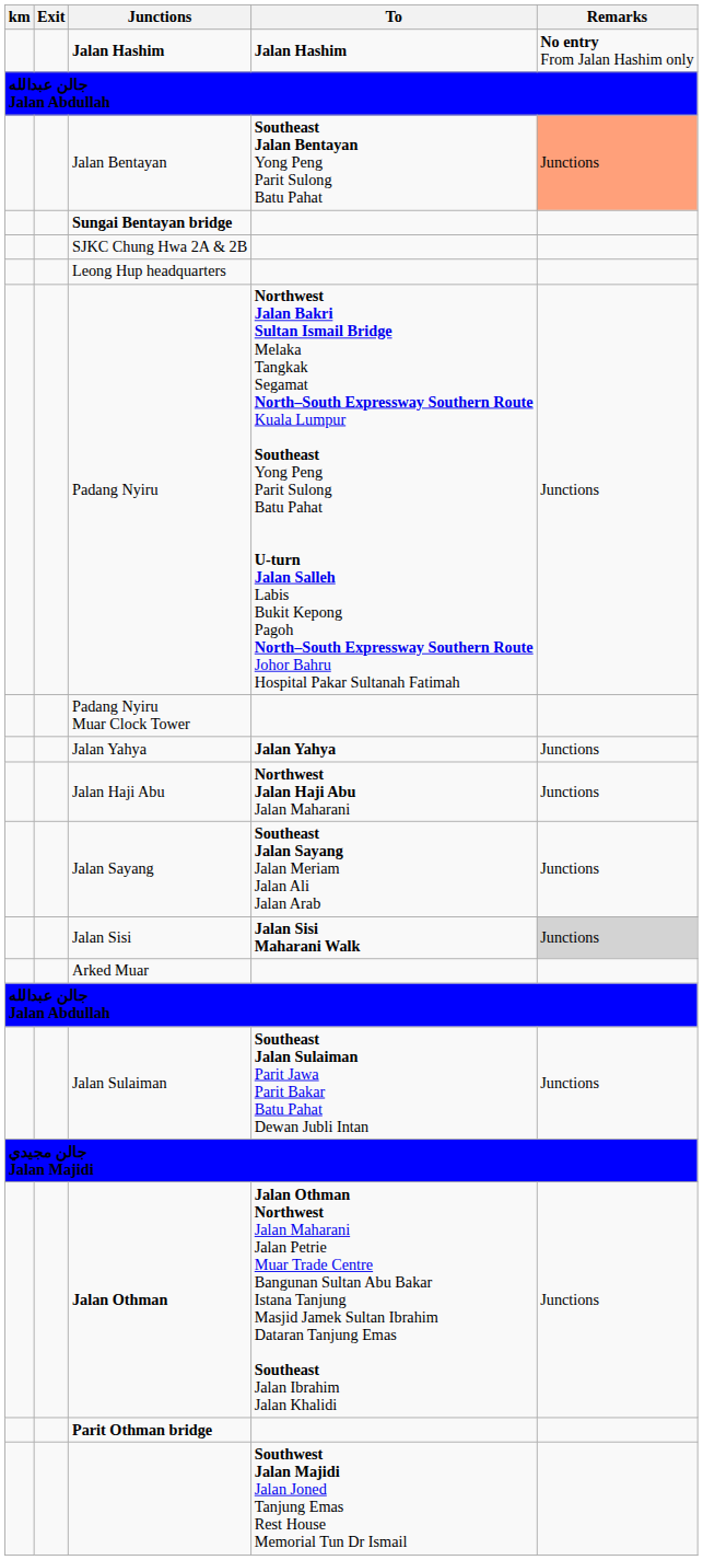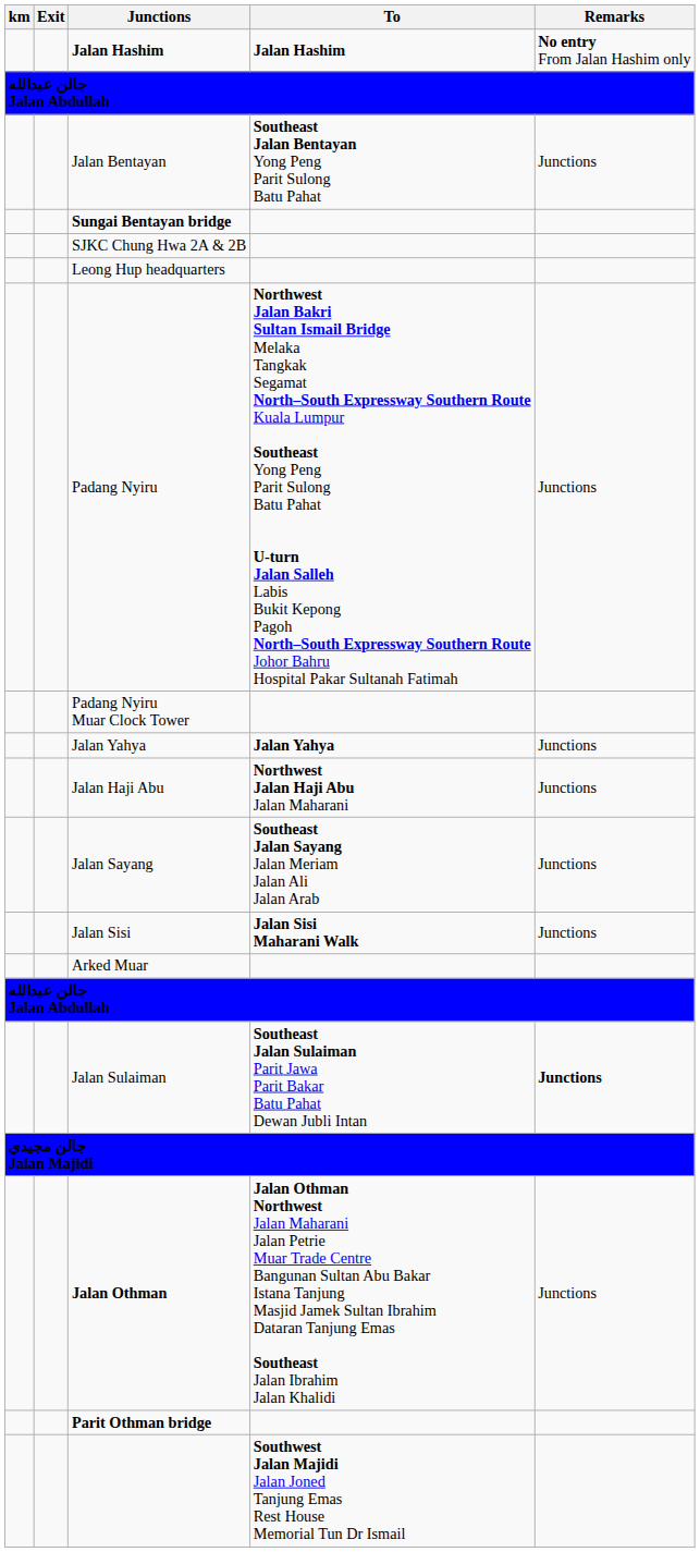 <table class="wikitable">
 <tr>
 <th>km</th>
 <th>Exit</th>
 <th>Junctions</th>
 <th>To</th>
 <th>Remarks</th>
 </tr>
 <tr>
 <td></td>
 <td></td>
 <td><strong>Jalan Hashim</strong></td>
 <td><strong>Jalan Hashim</strong></td>
 <td><strong>No entry</strong><br>From Jalan Hashim only</td>
 </tr>
 <tr>
 <td style="width:600px" colspan="6" style="text-align:center" bgcolor="blue"><strong><span>جالن عبدالله<br>Jalan Abdullah</span></strong></td>
 </tr>
 <tr>
 <td></td>
 <td></td>
 <td>Jalan Bentayan</td>
 <td><strong>Southeast</strong><br><strong>Jalan Bentayan</strong><br> Yong Peng<br> Parit Sulong<br> Batu Pahat</td>
-<td style="background: lightsalmon;">Junctions</td>
+<td>Junctions</td>
 </tr>
 <tr>
 <td></td>
 <td></td>
 <td><strong>Sungai Bentayan bridge</strong></td>
 <td></td>
 <td></td>
 </tr>
 <tr>
 <td></td>
 <td></td>
 <td>SJKC Chung Hwa 2A & 2B</td>
 <td></td>
 <td></td>
 </tr>
 <tr>
 <td></td>
 <td></td>
 <td>Leong Hup headquarters</td>
 <td></td>
 <td></td>
 </tr>
 <tr>
 <td></td>
 <td></td>
 <td>Padang Nyiru</td>
 <td><strong>Northwest</strong><br> <strong><a href='#'>Jalan Bakri</a></strong><br><strong><a href='#'>Sultan Ismail Bridge</a></strong><br> Melaka<br> Tangkak<br> Segamat<br>  <strong><a href='#'>North–South Expressway Southern Route</a></strong><br><a href='#'>Kuala Lumpur</a><br><br><strong>Southeast</strong><br> Yong Peng<br> Parit Sulong<br> Batu Pahat<br><br><br><strong>U-turn</strong><br> <strong><a href='#'>Jalan Salleh</a></strong><br> Labis<br> Bukit Kepong<br> Pagoh<br>  <strong><a href='#'>North–South Expressway Southern Route</a></strong><br><a href='#'>Johor Bahru</a><br>Hospital Pakar Sultanah Fatimah </td>
 <td>Junctions</td>
 </tr>
 <tr>
 <td></td>
 <td></td>
 <td>Padang Nyiru<br>Muar Clock Tower</td>
 <td></td>
 <td></td>
 </tr>
 <tr>
 <td></td>
 <td></td>
 <td>Jalan Yahya</td>
 <td><strong>Jalan Yahya</strong></td>
 <td>Junctions</td>
 </tr>
 <tr>
 <td></td>
 <td></td>
 <td>Jalan Haji Abu</td>
 <td><strong>Northwest</strong><br><strong>Jalan Haji Abu</strong><br>Jalan Maharani</td>
 <td>Junctions</td>
 </tr>
 <tr>
 <td></td>
 <td></td>
 <td>Jalan Sayang</td>
 <td><strong>Southeast</strong><br><strong>Jalan Sayang</strong><br>Jalan Meriam<br>Jalan Ali<br> Jalan Arab</td>
 <td>Junctions</td>
 </tr>
 <tr>
 <td></td>
 <td></td>
 <td>Jalan Sisi</td>
 <td><strong>Jalan Sisi</strong><br><strong>Maharani Walk</strong></td>
-<td style="background: lightgrey;">Junctions</td>
+<td>Junctions</td>
 </tr>
 <tr>
 <td></td>
 <td></td>
 <td>Arked Muar</td>
 <td></td>
 <td></td>
 </tr>
 <tr>
 <td style="width:600px" colspan="6" style="text-align:center" bgcolor="blue"><strong><span>جالن عبدالله<br>Jalan Abdullah</span></strong></td>
 </tr>
 <tr>
 <td></td>
 <td></td>
 <td>Jalan Sulaiman</td>
 <td><strong>Southeast</strong><br><strong>Jalan Sulaiman</strong><br> <a href='#'>Parit Jawa</a><br> <a href='#'>Parit Bakar</a><br> <a href='#'>Batu Pahat</a><br>Dewan Jubli Intan</td>
-<td>Junctions</td>
+<td><strong>Junctions</strong></td>
 </tr>
 <tr>
 <td style="width:600px" colspan="6" style="text-align:center" bgcolor="blue"><strong><span>جالن مجيدي<br>Jalan Majidi</span></strong></td>
 </tr>
 <tr>
 <td></td>
 <td></td>
 <td><strong>Jalan Othman</strong></td>
 <td><strong>Jalan Othman</strong><br><strong>Northwest</strong><br><a href='#'>Jalan Maharani</a><br>Jalan Petrie<br><a href='#'>Muar Trade Centre</a><br>Bangunan Sultan Abu Bakar<br>Istana Tanjung<br>Masjid Jamek Sultan Ibrahim<br>Dataran Tanjung Emas<br><br><strong>Southeast</strong><br>Jalan Ibrahim<br>Jalan Khalidi</td>
 <td>Junctions</td>
 </tr>
 <tr>
 <td></td>
 <td></td>
 <td><strong>Parit Othman bridge</strong></td>
 <td></td>
 <td></td>
 </tr>
 <tr>
 <td></td>
 <td></td>
 <td></td>
 <td><strong>Southwest</strong><br><strong>Jalan Majidi</strong><br> <a href='#'>Jalan Joned</a><br>Tanjung Emas<br>Rest House<br>Memorial Tun Dr Ismail</td>
 <td></td>
 </tr>
 </table>
